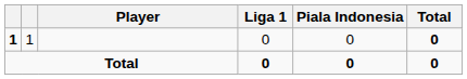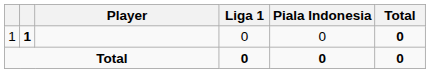 <table class="wikitable sortable" style="font-size: 95%; text-align: center;">
 <tr>
 <th width=10></th>
 <th width=10></th>
 <th width=200>Player</th>
 <th width=50>Liga 1</th>
 <th>Piala Indonesia</th>
 <th width=50>Total</th>
 </tr>
 <tr>
+<td>1</td>
 <td><strong>1</strong></td>
-<td>1</td>
 <td align=left></td>
 <td>0</td>
 <td>0</td>
 <td><strong>0</strong></td>
 </tr>
 <tr class="sortbottom">
 <td colspan=3><strong>Total</strong></td>
 <td><strong>0</strong></td>
 <td><strong>0</strong></td>
 <td><strong>0</strong></td>
 </tr>
 </table>
